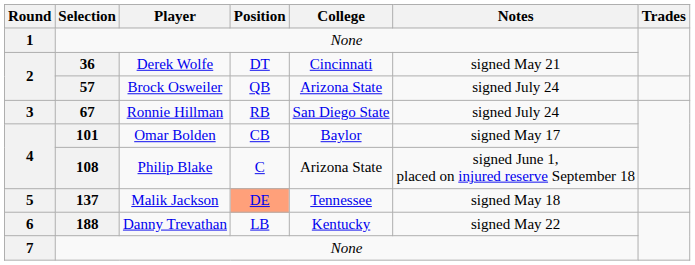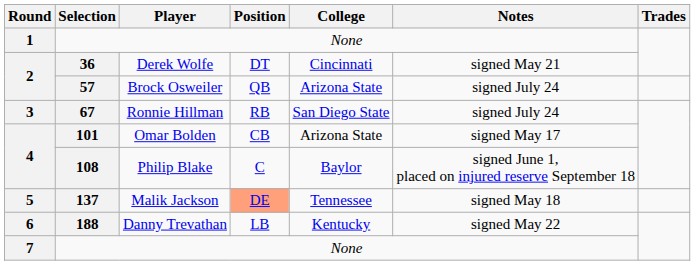 <table class="wikitable" style="text-align:center">
 <tr>
 <th>Round</th>
 <th>Selection</th>
 <th>Player</th>
 <th>Position</th>
 <th>College</th>
 <th>Notes</th>
 <th>Trades</th>
 </tr>
 <tr>
 <th>1</th>
 <td colspan="5"><em>None</em></td>
 <td rowspan="2" style="text-align:center"></td>
 </tr>
 <tr>
 <th rowspan="2">2</th>
 <th>36</th>
 <td><a href='#'>Derek Wolfe</a></td>
 <td><a href='#'>DT</a></td>
 <td><a href='#'>Cincinnati</a></td>
 <td>signed May 21</td>
 </tr>
 <tr>
 <th>57</th>
 <td><a href='#'>Brock Osweiler</a></td>
 <td><a href='#'>QB</a></td>
 <td><a href='#'>Arizona State</a></td>
 <td>signed July 24</td>
 <td></td>
 </tr>
 <tr>
 <th>3</th>
 <th>67</th>
 <td><a href='#'>Ronnie Hillman</a></td>
 <td><a href='#'>RB</a></td>
 <td><a href='#'>San Diego State</a></td>
 <td>signed July 24</td>
 <td rowspan="3" style="text-align:center">  </td>
 </tr>
 <tr>
 <th rowspan="2">4</th>
 <th>101</th>
 <td><a href='#'>Omar Bolden</a></td>
 <td><a href='#'>CB</a></td>
-<td><a href='#'>Baylor</a></td>
+<td>Arizona State</td>
 <td>signed May 17</td>
 </tr>
 <tr>
 <th>108</th>
 <td><a href='#'>Philip Blake</a></td>
 <td><a href='#'>C</a></td>
-<td>Arizona State</td>
+<td><a href='#'>Baylor</a></td>
 <td>signed June 1,<br>placed on <a href='#'>injured reserve</a> September 18</td>
 </tr>
 <tr>
 <th>5</th>
 <th>137</th>
 <td><a href='#'>Malik Jackson</a></td>
 <td style="background: lightsalmon;"><a href='#'>DE</a></td>
 <td><a href='#'>Tennessee</a></td>
 <td>signed May 18</td>
 <td style="text-align:center"> </td>
 </tr>
 <tr>
 <th>6</th>
 <th>188</th>
 <td><a href='#'>Danny Trevathan</a></td>
 <td><a href='#'>LB</a></td>
 <td><a href='#'>Kentucky</a></td>
 <td>signed May 22</td>
 <td rowspan="2" style="text-align:center"> </td>
 </tr>
 <tr>
 <th>7</th>
 <td colspan="5" style="text-align:center"><em>None</em></td>
 </tr>
 </table>
